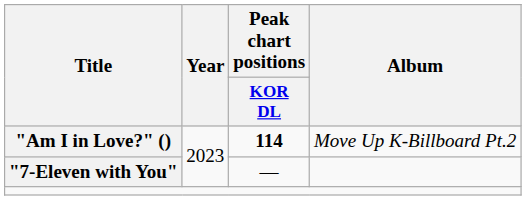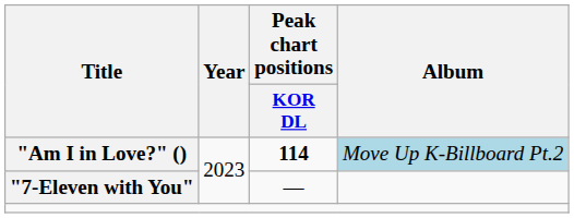 <table class="wikitable plainrowheaders" style="text-align:center">
 <tr>
 <th scope="col" rowspan="2">Title</th>
 <th scope="col" rowspan="2">Year</th>
 <th scope="col">Peak chart positions</th>
 <th scope="col" rowspan="2">Album</th>
 </tr>
 <tr>
 <th scope="col" style="width:3em;font-size:90%"><a href='#'>KOR<br>DL</a><br></th>
 </tr>
 <tr>
 <th scope="row">"Am I in Love?" ()</th>
 <td rowspan="2">2023</td>
 <td><strong>114</strong></td>
-<td><em>Move Up K-Billboard Pt.2</em></td>
+<td style="background: lightblue;"><em>Move Up K-Billboard Pt.2</em></td>
 </tr>
 <tr>
 <th scope="row">"7-Eleven with You"</th>
 <td>—</td>
 <td></td>
 </tr>
 <tr>
 <td colspan="4"></td>
 </tr>
 </table>
